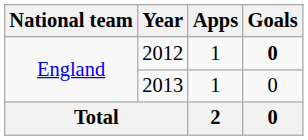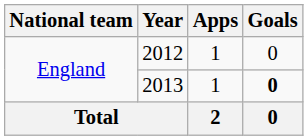 <table class=wikitable style=text-align:center>
 <tr>
 <th>National team</th>
 <th>Year</th>
 <th>Apps</th>
 <th>Goals</th>
 </tr>
 <tr>
 <td rowspan="2"><a href='#'>England</a></td>
 <td>2012</td>
 <td>1</td>
-<td><strong>0</strong></td>
+<td>0</td>
 </tr>
 <tr>
 <td>2013</td>
 <td>1</td>
-<td>0</td>
+<td><strong>0</strong></td>
 </tr>
 <tr>
 <th colspan="2">Total</th>
 <th>2</th>
 <th>0</th>
 </tr>
 </table>
